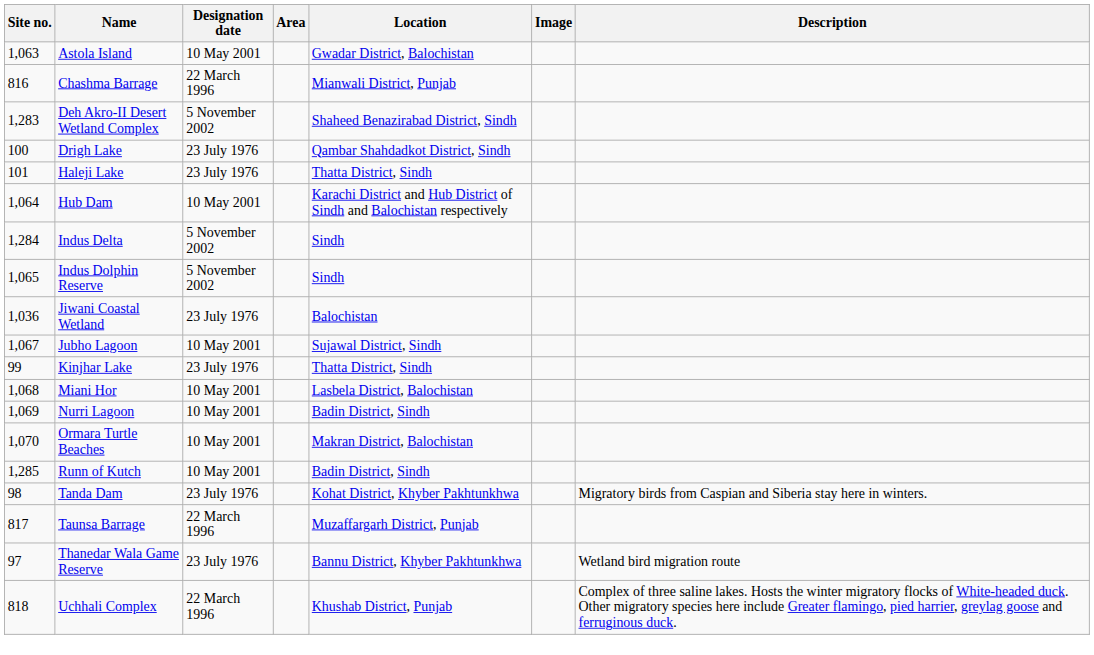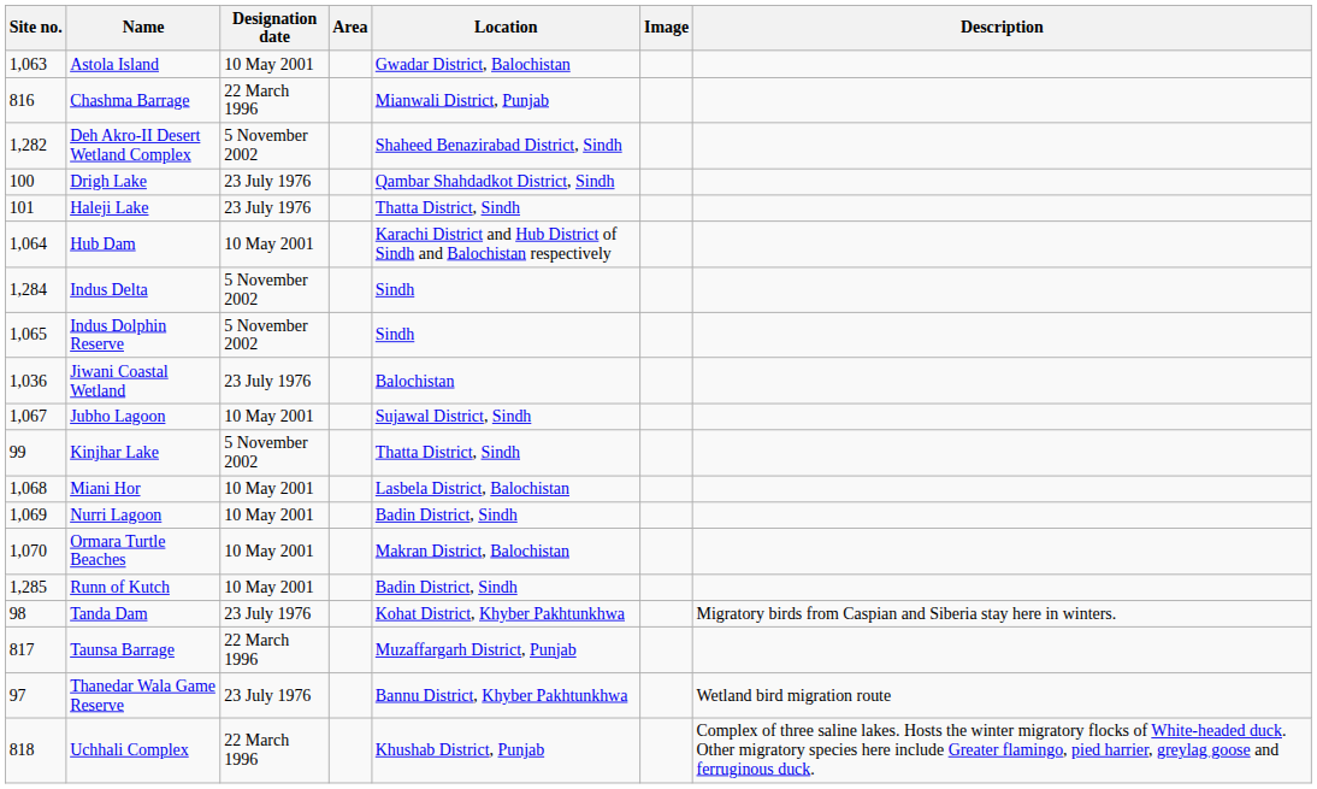 <table class="wikitable sortable">
 <tr>
 <th style="background-color:">Site no.</th>
 <th style="background-color:">Name</th>
 <th style="background-color:">Designation date</th>
 <th style="background-color:">Area</th>
 <th style="background-color:">Location</th>
 <th style="background-color:">Image</th>
 <th style="background-color:">Description</th>
 </tr>
 <tr>
 <td>1,063</td>
 <td><a href='#'>Astola Island</a></td>
 <td>10 May 2001</td>
 <td></td>
 <td><a href='#'>Gwadar District</a>, <a href='#'>Balochistan</a></td>
 <td></td>
 <td></td>
 </tr>
 <tr>
 <td>816</td>
 <td><a href='#'>Chashma Barrage</a></td>
 <td>22 March 1996</td>
 <td></td>
 <td><a href='#'>Mianwali District</a>, <a href='#'>Punjab</a></td>
 <td></td>
 <td></td>
 </tr>
 <tr>
-<td>1,283</td>
+<td>1,282</td>
 <td><a href='#'>Deh Akro-II Desert Wetland Complex</a></td>
 <td>5 November 2002</td>
 <td></td>
 <td><a href='#'>Shaheed Benazirabad District</a>, <a href='#'>Sindh</a></td>
 <td></td>
 <td></td>
 </tr>
 <tr>
 <td>100</td>
 <td><a href='#'>Drigh Lake</a></td>
 <td>23 July 1976</td>
 <td></td>
 <td><a href='#'>Qambar Shahdadkot District</a>, <a href='#'>Sindh</a></td>
 <td></td>
 <td></td>
 </tr>
 <tr>
 <td>101</td>
 <td><a href='#'>Haleji Lake</a></td>
 <td>23 July 1976</td>
 <td></td>
 <td><a href='#'>Thatta District</a>, <a href='#'>Sindh</a></td>
 <td></td>
 <td></td>
 </tr>
 <tr>
 <td>1,064</td>
 <td><a href='#'>Hub Dam</a></td>
 <td>10 May 2001</td>
 <td></td>
 <td><a href='#'>Karachi District</a> and <a href='#'>Hub District</a> of <a href='#'>Sindh</a> and <a href='#'>Balochistan</a> respectively</td>
 <td></td>
 <td></td>
 </tr>
 <tr>
 <td>1,284</td>
 <td><a href='#'>Indus Delta</a></td>
 <td>5 November 2002</td>
 <td></td>
 <td><a href='#'>Sindh</a></td>
 <td></td>
 <td></td>
 </tr>
 <tr>
 <td>1,065</td>
 <td><a href='#'>Indus Dolphin Reserve</a></td>
 <td>5 November 2002</td>
 <td></td>
 <td><a href='#'>Sindh</a></td>
 <td></td>
 <td></td>
 </tr>
 <tr>
 <td>1,036</td>
 <td><a href='#'>Jiwani Coastal Wetland</a></td>
 <td>23 July 1976</td>
 <td></td>
 <td><a href='#'>Balochistan</a></td>
 <td></td>
 <td></td>
 </tr>
 <tr>
 <td>1,067</td>
 <td><a href='#'>Jubho Lagoon</a></td>
 <td>10 May 2001</td>
 <td></td>
 <td><a href='#'>Sujawal District</a>, <a href='#'>Sindh</a></td>
 <td></td>
 <td></td>
 </tr>
 <tr>
 <td>99</td>
 <td><a href='#'>Kinjhar Lake</a></td>
-<td>23 July 1976</td>
+<td>5 November 2002</td>
 <td></td>
 <td><a href='#'>Thatta District</a>, <a href='#'>Sindh</a></td>
 <td></td>
 <td></td>
 </tr>
 <tr>
 <td>1,068</td>
 <td><a href='#'>Miani Hor</a></td>
 <td>10 May 2001</td>
 <td></td>
 <td><a href='#'>Lasbela District</a>, <a href='#'>Balochistan</a></td>
 <td></td>
 <td></td>
 </tr>
 <tr>
 <td>1,069</td>
 <td><a href='#'>Nurri Lagoon</a></td>
 <td>10 May 2001</td>
 <td></td>
 <td><a href='#'>Badin District</a>, <a href='#'>Sindh</a></td>
 <td></td>
 <td></td>
 </tr>
 <tr>
 <td>1,070</td>
 <td><a href='#'>Ormara Turtle Beaches</a></td>
 <td>10 May 2001</td>
 <td></td>
 <td><a href='#'>Makran District</a>, <a href='#'>Balochistan</a></td>
 <td></td>
 <td></td>
 </tr>
 <tr>
 <td>1,285</td>
 <td><a href='#'>Runn of Kutch</a></td>
 <td>10 May 2001</td>
 <td></td>
 <td><a href='#'>Badin District</a>, <a href='#'>Sindh</a></td>
 <td></td>
 <td></td>
 </tr>
 <tr>
 <td>98</td>
 <td><a href='#'>Tanda Dam</a></td>
 <td>23 July 1976</td>
 <td></td>
 <td><a href='#'>Kohat District</a>, <a href='#'>Khyber Pakhtunkhwa</a></td>
 <td></td>
 <td>Migratory birds from Caspian and Siberia stay here in winters.</td>
 </tr>
 <tr>
 <td>817</td>
 <td><a href='#'>Taunsa Barrage</a></td>
 <td>22 March 1996</td>
 <td></td>
 <td><a href='#'>Muzaffargarh District</a>, <a href='#'>Punjab</a></td>
 <td></td>
 <td></td>
 </tr>
 <tr>
 <td>97</td>
 <td><a href='#'>Thanedar Wala Game Reserve</a></td>
 <td>23 July 1976</td>
 <td></td>
 <td><a href='#'>Bannu District</a>, <a href='#'>Khyber Pakhtunkhwa</a></td>
 <td></td>
 <td>Wetland bird migration route</td>
 </tr>
 <tr>
 <td>818</td>
 <td><a href='#'>Uchhali Complex</a></td>
 <td>22 March 1996</td>
 <td></td>
 <td><a href='#'>Khushab District</a>, <a href='#'>Punjab</a></td>
 <td></td>
 <td>Complex of three saline lakes. Hosts the winter migratory flocks of <a href='#'>White-headed duck</a>. Other migratory species here include <a href='#'>Greater flamingo</a>, <a href='#'>pied harrier</a>, <a href='#'>greylag goose</a> and <a href='#'>ferruginous duck</a>.</td>
 </tr>
 </table>
